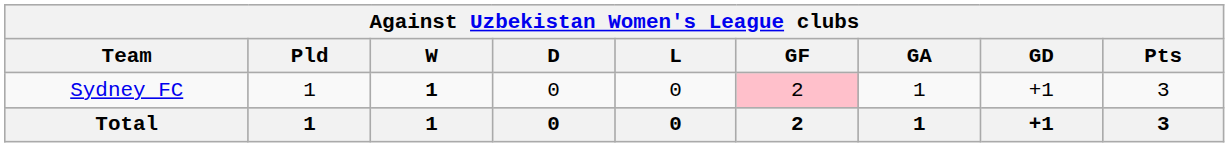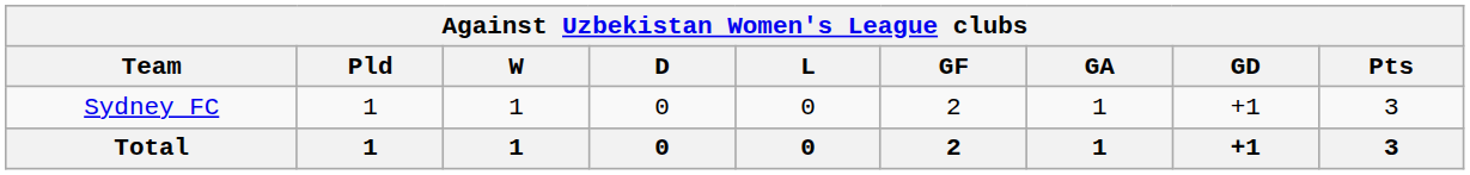 <table class="wikitable" width="60%" style="text-align:center">
 <tr>
 <th colspan="9">Against <a href='#'>Uzbekistan Women's League</a> clubs</th>
 </tr>
 <tr>
 <th width="10%">Team</th>
 <th width="5%">Pld</th>
 <th width="5%">W</th>
 <th width="5%">D</th>
 <th width="5%">L</th>
 <th width="5%">GF</th>
 <th width="5%">GA</th>
 <th width="5%">GD</th>
 <th width="5%">Pts</th>
 </tr>
 <tr>
 <td><a href='#'>Sydney FC</a></td>
 <td>1</td>
-<td><strong>1</strong></td>
+<td>1</td>
 <td>0</td>
 <td>0</td>
-<td style="background: pink;">2</td>
+<td>2</td>
 <td>1</td>
 <td>+1</td>
 <td>3</td>
 </tr>
 <tr>
 <th>Total</th>
 <th>1</th>
 <th>1</th>
 <th>0</th>
 <th>0</th>
 <th>2</th>
 <th>1</th>
 <th>+1</th>
 <th>3</th>
 </tr>
 </table>
